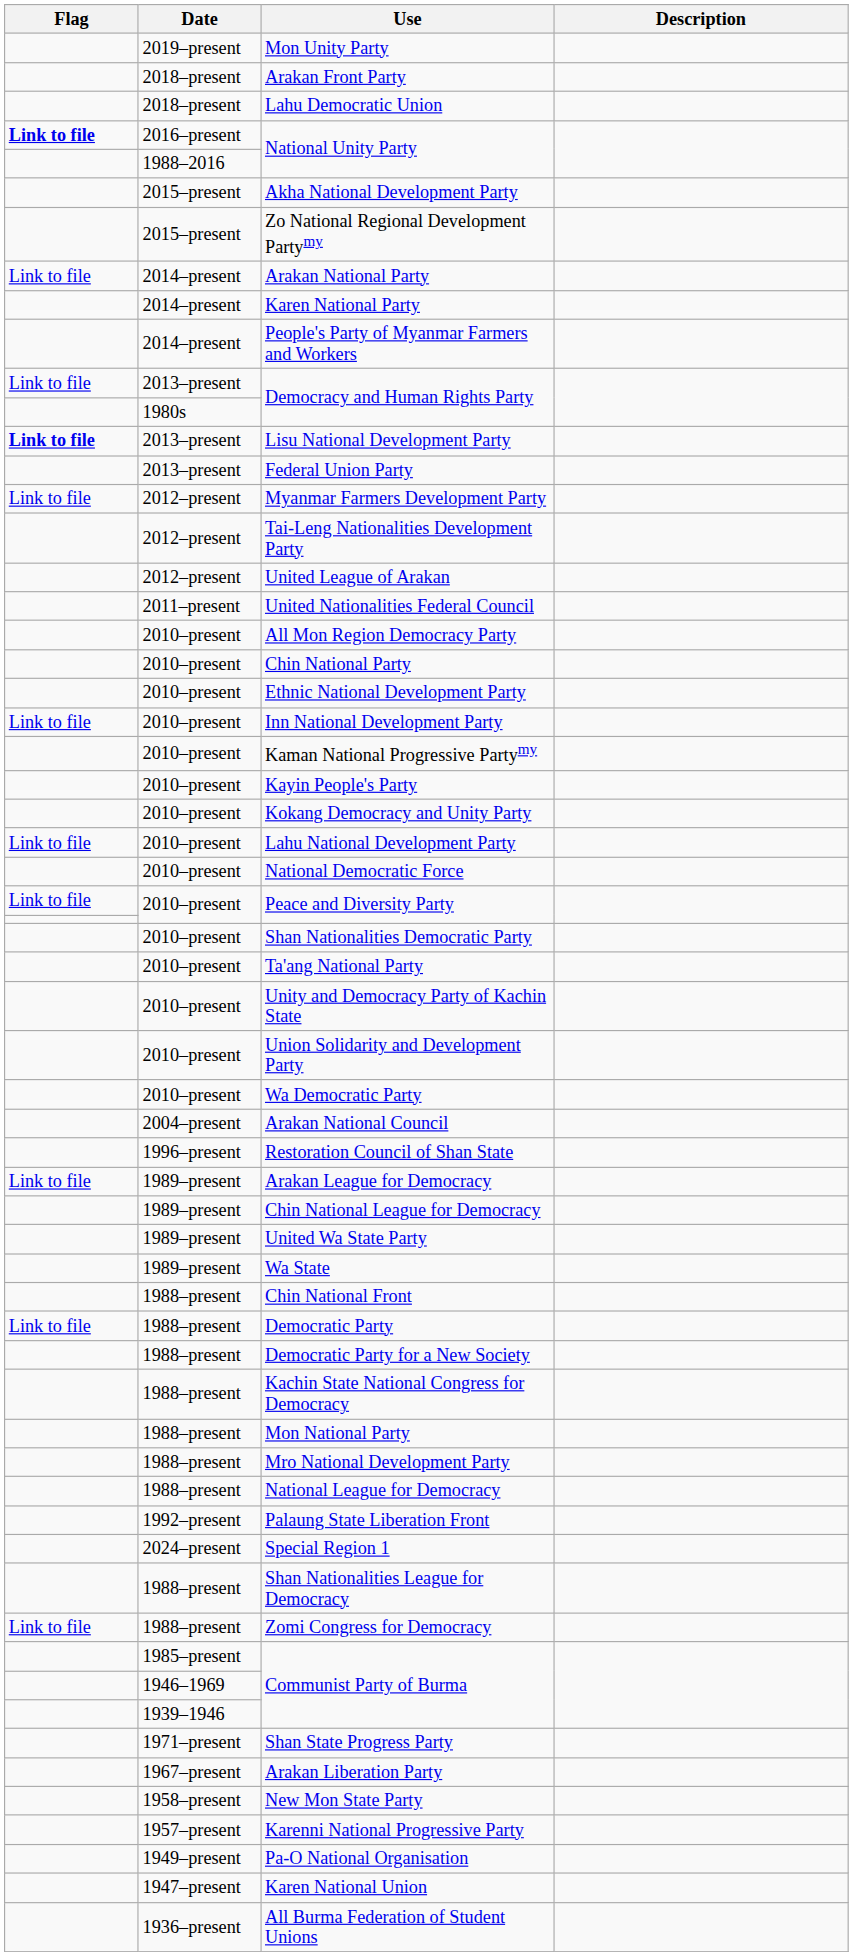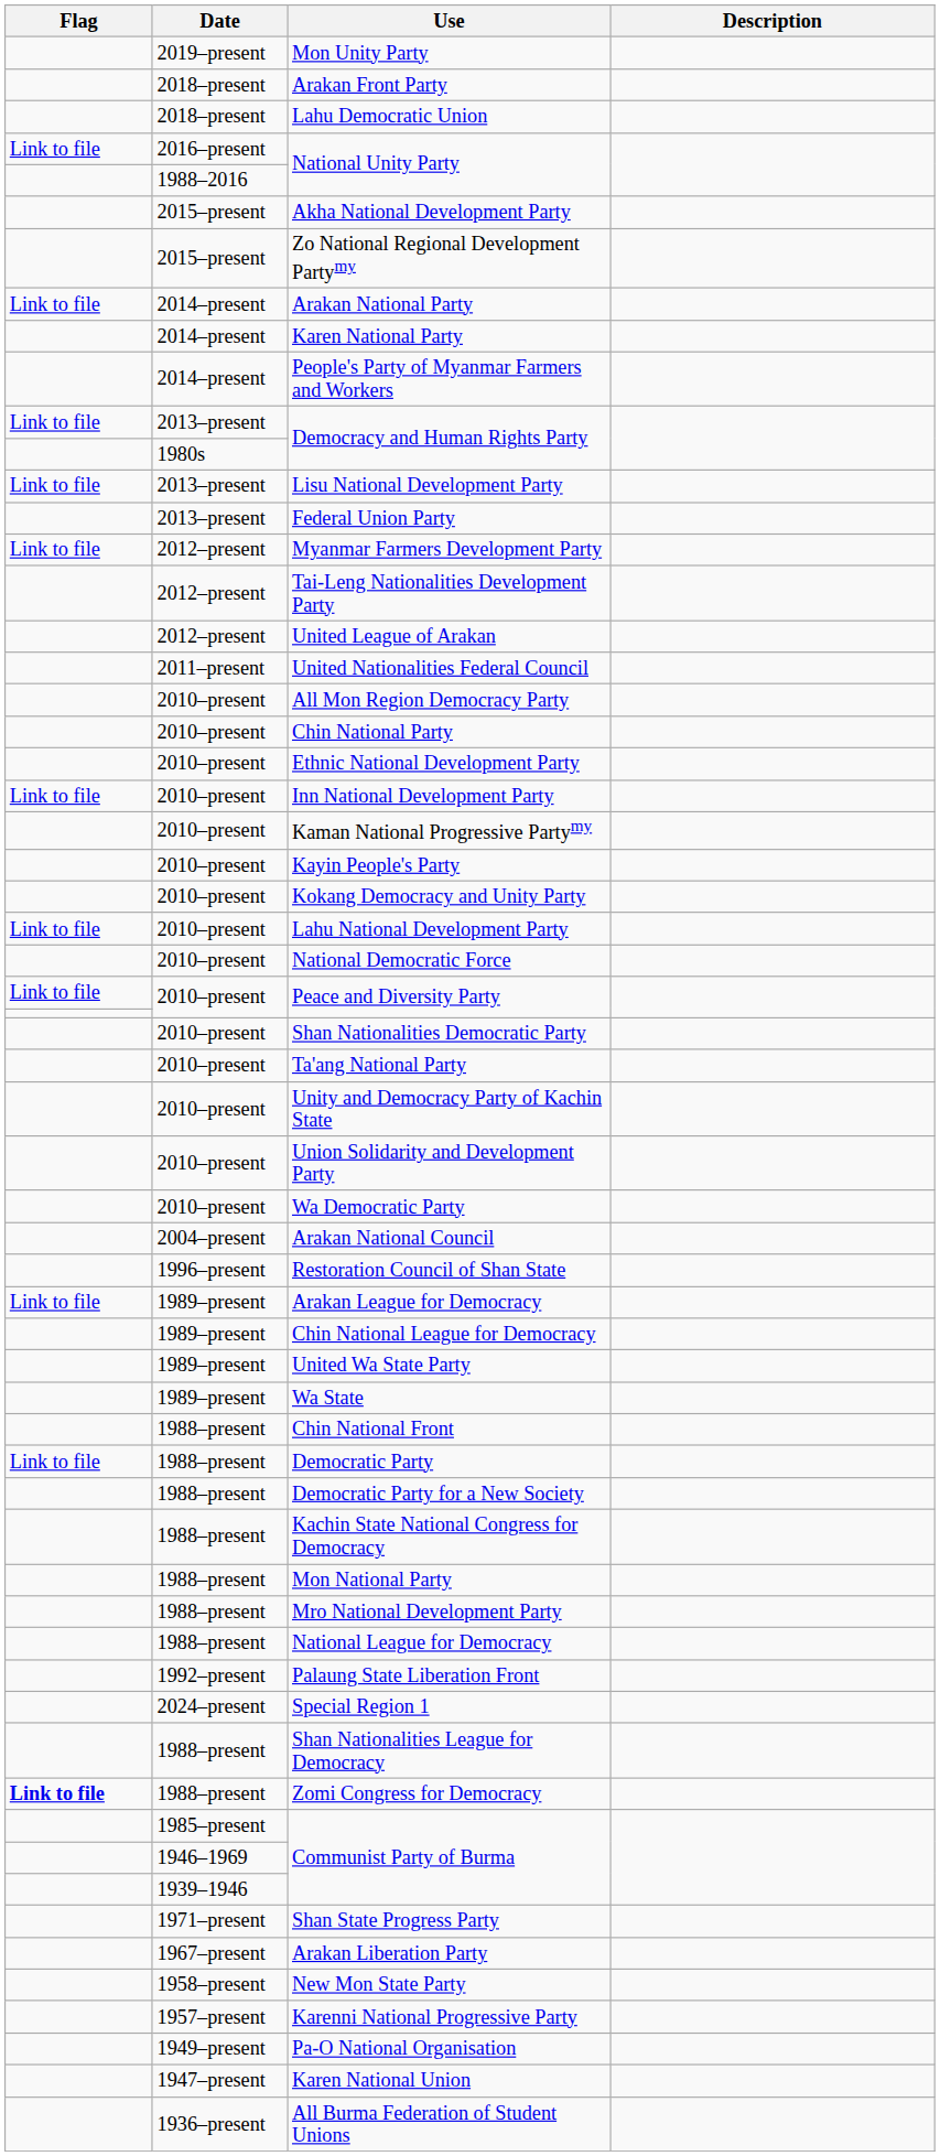 <table class="wikitable">
 <tr>
 <th width="110">Flag</th>
 <th width="100">Date</th>
 <th width="250">Use</th>
 <th width="250">Description</th>
 </tr>
 <tr>
 <td></td>
 <td>2019–present</td>
 <td><a href='#'>Mon Unity Party</a></td>
 <td></td>
 </tr>
 <tr>
 <td></td>
 <td>2018–present</td>
 <td><a href='#'>Arakan Front Party</a></td>
 <td></td>
 </tr>
 <tr>
 <td></td>
 <td>2018–present</td>
 <td><a href='#'>Lahu Democratic Union</a></td>
 <td></td>
 </tr>
 <tr>
-<td><strong><a href='#'>Link to file</a></strong></td>
+<td><a href='#'>Link to file</a></td>
 <td>2016–present</td>
 <td rowspan="2"><a href='#'>National Unity Party</a></td>
 <td rowspan="2"></td>
 </tr>
 <tr>
 <td></td>
 <td>1988–2016</td>
 </tr>
 <tr>
 <td></td>
 <td>2015–present</td>
 <td><a href='#'>Akha National Development Party</a></td>
 <td></td>
 </tr>
 <tr>
 <td></td>
 <td>2015–present</td>
 <td>Zo National Regional Development Party<sup><a href='#'>my</a></sup></td>
 <td></td>
 </tr>
 <tr>
 <td><a href='#'>Link to file</a></td>
 <td>2014–present</td>
 <td><a href='#'>Arakan National Party</a></td>
 <td></td>
 </tr>
 <tr>
 <td></td>
 <td>2014–present</td>
 <td><a href='#'>Karen National Party</a></td>
 <td></td>
 </tr>
 <tr>
 <td></td>
 <td>2014–present</td>
 <td><a href='#'>People's Party of Myanmar Farmers and Workers</a></td>
 <td></td>
 </tr>
 <tr>
 <td><a href='#'>Link to file</a></td>
 <td>2013–present</td>
 <td rowspan="2"><a href='#'>Democracy and Human Rights Party</a></td>
 <td rowspan="2"></td>
 </tr>
 <tr>
 <td></td>
 <td>1980s</td>
 </tr>
 <tr>
-<td><strong><a href='#'>Link to file</a></strong></td>
+<td><a href='#'>Link to file</a></td>
 <td>2013–present</td>
 <td><a href='#'>Lisu National Development Party</a></td>
 <td></td>
 </tr>
 <tr>
 <td></td>
 <td>2013–present</td>
 <td><a href='#'>Federal Union Party</a></td>
 <td></td>
 </tr>
 <tr>
 <td><a href='#'>Link to file</a></td>
 <td>2012–present</td>
 <td><a href='#'>Myanmar Farmers Development Party</a></td>
 <td></td>
 </tr>
 <tr>
 <td></td>
 <td>2012–present</td>
 <td><a href='#'>Tai-Leng Nationalities Development Party</a></td>
 <td></td>
 </tr>
 <tr>
 <td></td>
 <td>2012–present</td>
 <td><a href='#'>United League of Arakan</a></td>
 <td></td>
 </tr>
 <tr>
 <td></td>
 <td>2011–present</td>
 <td><a href='#'>United Nationalities Federal Council</a></td>
 <td></td>
 </tr>
 <tr>
 <td></td>
 <td>2010–present</td>
 <td><a href='#'>All Mon Region Democracy Party</a></td>
 <td></td>
 </tr>
 <tr>
 <td></td>
 <td>2010–present</td>
 <td><a href='#'>Chin National Party</a></td>
 <td></td>
 </tr>
 <tr>
 <td></td>
 <td>2010–present</td>
 <td><a href='#'>Ethnic National Development Party</a></td>
 <td></td>
 </tr>
 <tr>
 <td><a href='#'>Link to file</a></td>
 <td>2010–present</td>
 <td><a href='#'>Inn National Development Party</a></td>
 <td></td>
 </tr>
 <tr>
 <td></td>
 <td>2010–present</td>
 <td>Kaman National Progressive Party<sup><a href='#'>my</a></sup></td>
 <td></td>
 </tr>
 <tr>
 <td></td>
 <td>2010–present</td>
 <td><a href='#'>Kayin People's Party</a></td>
 <td></td>
 </tr>
 <tr>
 <td></td>
 <td>2010–present</td>
 <td><a href='#'>Kokang Democracy and Unity Party</a></td>
 <td></td>
 </tr>
 <tr>
 <td><a href='#'>Link to file</a></td>
 <td>2010–present</td>
 <td><a href='#'>Lahu National Development Party</a></td>
 <td></td>
 </tr>
 <tr>
 <td></td>
 <td>2010–present</td>
 <td><a href='#'>National Democratic Force</a></td>
 <td></td>
 </tr>
 <tr>
 <td><a href='#'>Link to file</a></td>
 <td rowspan="2">2010–present</td>
 <td rowspan="2"><a href='#'>Peace and Diversity Party</a></td>
 <td rowspan="2"></td>
 </tr>
 <tr>
 <td></td>
 </tr>
 <tr>
 <td></td>
 <td>2010–present</td>
 <td><a href='#'>Shan Nationalities Democratic Party</a></td>
 <td></td>
 </tr>
 <tr>
 <td></td>
 <td>2010–present</td>
 <td><a href='#'>Ta'ang National Party</a></td>
 <td></td>
 </tr>
 <tr>
 <td></td>
 <td>2010–present</td>
 <td><a href='#'>Unity and Democracy Party of Kachin State</a></td>
 <td></td>
 </tr>
 <tr>
 <td></td>
 <td>2010–present</td>
 <td><a href='#'>Union Solidarity and Development Party</a></td>
 <td></td>
 </tr>
 <tr>
 <td></td>
 <td>2010–present</td>
 <td><a href='#'>Wa Democratic Party</a></td>
 <td></td>
 </tr>
 <tr>
 <td></td>
 <td>2004–present</td>
 <td><a href='#'>Arakan National Council</a></td>
 <td></td>
 </tr>
 <tr>
 <td></td>
 <td>1996–present</td>
 <td><a href='#'>Restoration Council of Shan State</a></td>
 <td></td>
 </tr>
 <tr>
 <td><a href='#'>Link to file</a></td>
 <td>1989–present</td>
 <td><a href='#'>Arakan League for Democracy</a></td>
 <td></td>
 </tr>
 <tr>
 <td></td>
 <td>1989–present</td>
 <td><a href='#'>Chin National League for Democracy</a></td>
 <td></td>
 </tr>
 <tr>
 <td></td>
 <td>1989–present</td>
 <td><a href='#'>United Wa State Party</a></td>
 <td></td>
 </tr>
 <tr>
 <td></td>
 <td>1989–present</td>
 <td><a href='#'>Wa State</a></td>
 <td></td>
 </tr>
 <tr>
 <td></td>
 <td>1988–present</td>
 <td><a href='#'>Chin National Front</a></td>
 <td></td>
 </tr>
 <tr>
 <td><a href='#'>Link to file</a></td>
 <td>1988–present</td>
 <td><a href='#'>Democratic Party</a></td>
 <td></td>
 </tr>
 <tr>
 <td></td>
 <td>1988–present</td>
 <td><a href='#'>Democratic Party for a New Society</a></td>
 <td></td>
 </tr>
 <tr>
 <td></td>
 <td>1988–present</td>
 <td><a href='#'>Kachin State National Congress for Democracy</a></td>
 <td></td>
 </tr>
 <tr>
 <td></td>
 <td>1988–present</td>
 <td><a href='#'>Mon National Party</a></td>
 <td></td>
 </tr>
 <tr>
 <td></td>
 <td>1988–present</td>
 <td><a href='#'>Mro National Development Party</a></td>
 <td></td>
 </tr>
 <tr>
 <td></td>
 <td>1988–present</td>
 <td><a href='#'>National League for Democracy</a></td>
 <td></td>
 </tr>
 <tr>
 <td></td>
 <td>1992–present</td>
 <td><a href='#'>Palaung State Liberation Front</a></td>
 <td></td>
 </tr>
 <tr>
 <td></td>
 <td>2024–present</td>
 <td><a href='#'>Special Region 1</a></td>
 <td></td>
 </tr>
 <tr>
 <td></td>
 <td>1988–present</td>
 <td><a href='#'>Shan Nationalities League for Democracy</a></td>
 <td></td>
 </tr>
 <tr>
-<td><a href='#'>Link to file</a></td>
+<td><strong><a href='#'>Link to file</a></strong></td>
 <td>1988–present</td>
 <td><a href='#'>Zomi Congress for Democracy</a></td>
 <td></td>
 </tr>
 <tr>
 <td></td>
 <td>1985–present</td>
 <td rowspan="3"><a href='#'>Communist Party of Burma</a></td>
 <td rowspan="3"></td>
 </tr>
 <tr>
 <td></td>
 <td>1946–1969</td>
 </tr>
 <tr>
 <td></td>
 <td>1939–1946</td>
 </tr>
 <tr>
 <td></td>
 <td>1971–present</td>
 <td><a href='#'>Shan State Progress Party</a></td>
 <td></td>
 </tr>
 <tr>
 <td></td>
 <td>1967–present</td>
 <td><a href='#'>Arakan Liberation Party</a></td>
 <td></td>
 </tr>
 <tr>
 <td></td>
 <td>1958–present</td>
 <td><a href='#'>New Mon State Party</a></td>
 <td></td>
 </tr>
 <tr>
 <td></td>
 <td>1957–present</td>
 <td><a href='#'>Karenni National Progressive Party</a></td>
 <td></td>
 </tr>
 <tr>
 <td></td>
 <td>1949–present</td>
 <td><a href='#'>Pa-O National Organisation</a></td>
 <td></td>
 </tr>
 <tr>
 <td></td>
 <td>1947–present</td>
 <td><a href='#'>Karen National Union</a></td>
 <td></td>
 </tr>
 <tr>
 <td></td>
 <td>1936–present</td>
 <td><a href='#'>All Burma Federation of Student Unions</a></td>
 <td></td>
 </tr>
 </table>
